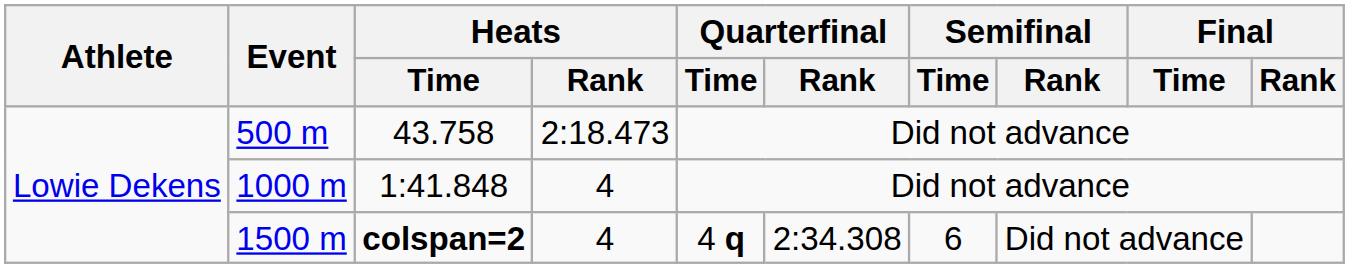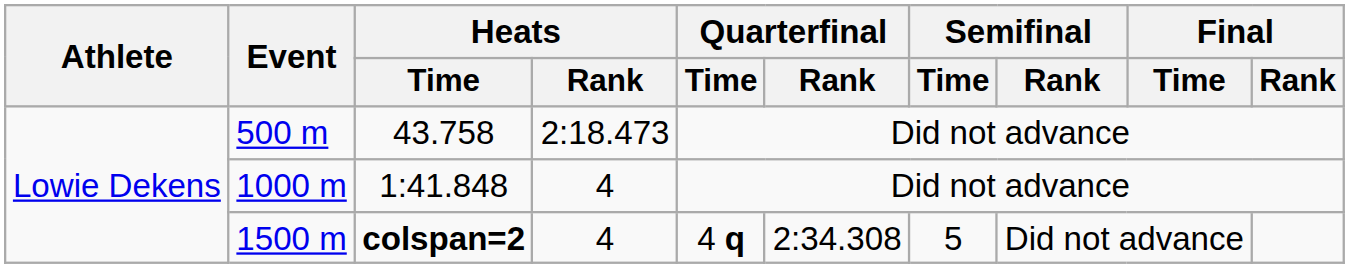 <table class="wikitable" style="font-size:90%">
 <tr>
 <th rowspan=2>Athlete</th>
 <th rowspan=2>Event</th>
 <th colspan=2>Heats</th>
 <th colspan=2>Quarterfinal</th>
 <th colspan=2>Semifinal</th>
 <th colspan=2>Final</th>
 </tr>
 <tr style="font-size:95%">
 <th>Time</th>
 <th>Rank</th>
 <th>Time</th>
 <th>Rank</th>
 <th>Time</th>
 <th>Rank</th>
 <th>Time</th>
 <th>Rank</th>
 </tr>
 <tr align=center>
 <td align=left rowspan=3><a href='#'>Lowie Dekens</a></td>
 <td align=left><a href='#'>500 m</a></td>
 <td>43.758</td>
 <td>2:18.473</td>
 <td colspan=6>Did not advance</td>
 </tr>
 <tr align=center>
 <td align=left><a href='#'>1000 m</a></td>
 <td>1:41.848</td>
 <td>4</td>
 <td colspan=6>Did not advance</td>
 </tr>
 <tr align=center>
 <td align=left><a href='#'>1500 m</a></td>
 <td><strong>colspan=2</strong></td>
 <td>4</td>
 <td>4 <strong>q</strong></td>
 <td>2:34.308</td>
-<td>6</td>
+<td>5</td>
 <td colspan=2>Did not advance</td>
 </tr>
 </table>
